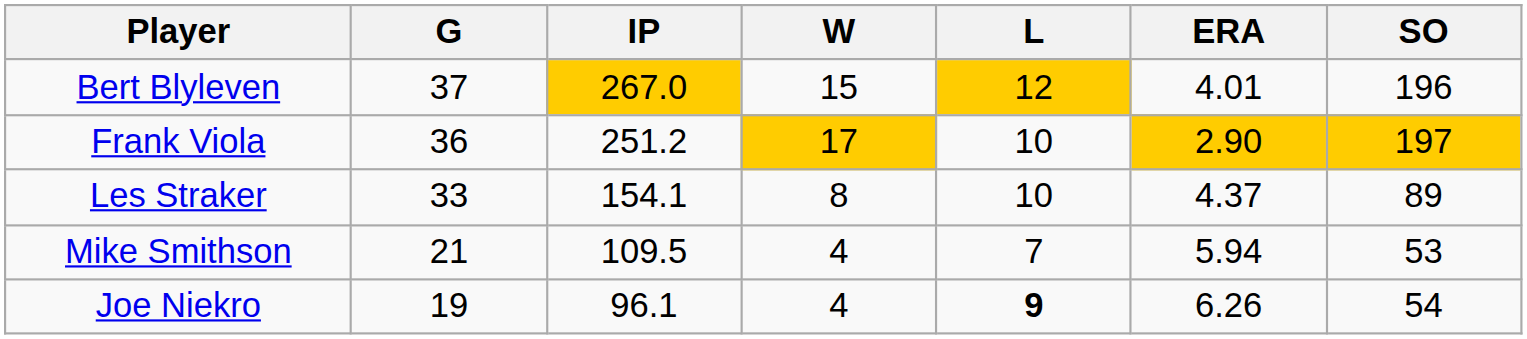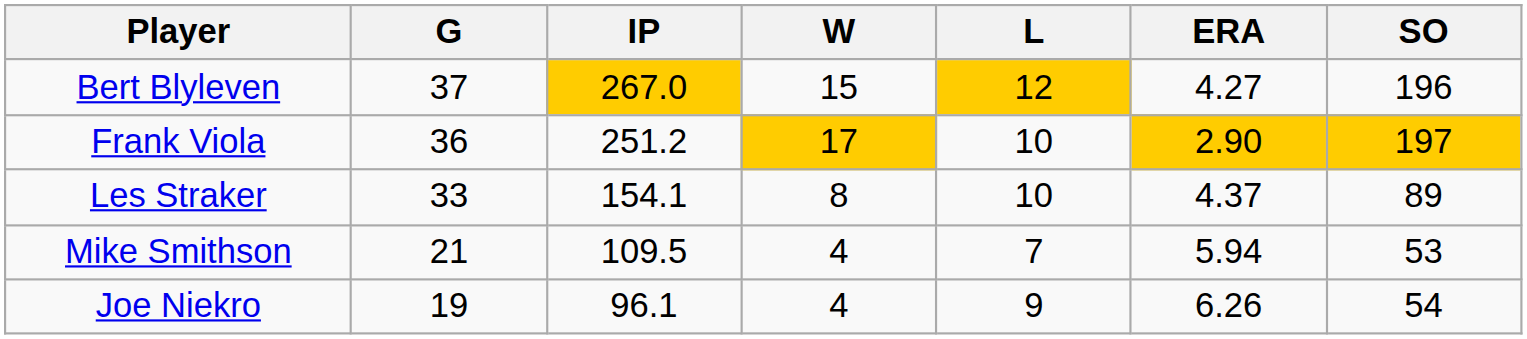 <table class="wikitable sortable">
 <tr>
 <th bgcolor="#DDDDFF" width="16%">Player</th>
 <th bgcolor="#DDDDFF" width="9%">G</th>
 <th bgcolor="#DDDDFF" width="9%">IP</th>
 <th bgcolor="#DDDDFF" width="9%">W</th>
 <th bgcolor="#DDDDFF" width="9%">L</th>
 <th bgcolor="#DDDDFF" width="9%">ERA</th>
 <th bgcolor="#DDDDFF" width="9%">SO</th>
 </tr>
 <tr align="center">
 <td><a href='#'>Bert Blyleven</a></td>
 <td>37</td>
 <td style="background:#fc0;">267.0</td>
 <td>15</td>
 <td style="background:#fc0;">12</td>
-<td>4.01</td>
+<td>4.27</td>
 <td>196</td>
 </tr>
 <tr align="center">
 <td><a href='#'>Frank Viola</a></td>
 <td>36</td>
 <td>251.2</td>
 <td style="background:#fc0;">17</td>
 <td>10</td>
 <td style="background:#fc0;">2.90</td>
 <td style="background:#fc0;">197</td>
 </tr>
 <tr align="center">
 <td><a href='#'>Les Straker</a></td>
 <td>33</td>
 <td>154.1</td>
 <td>8</td>
 <td>10</td>
 <td>4.37</td>
 <td>89</td>
 </tr>
 <tr align="center">
 <td><a href='#'>Mike Smithson</a></td>
 <td>21</td>
 <td>109.5</td>
 <td>4</td>
 <td>7</td>
 <td>5.94</td>
 <td>53</td>
 </tr>
 <tr align="center">
 <td><a href='#'>Joe Niekro</a></td>
 <td>19</td>
 <td>96.1</td>
 <td>4</td>
-<td><strong>9</strong></td>
+<td>9</td>
 <td>6.26</td>
 <td>54</td>
 </tr>
 </table>
